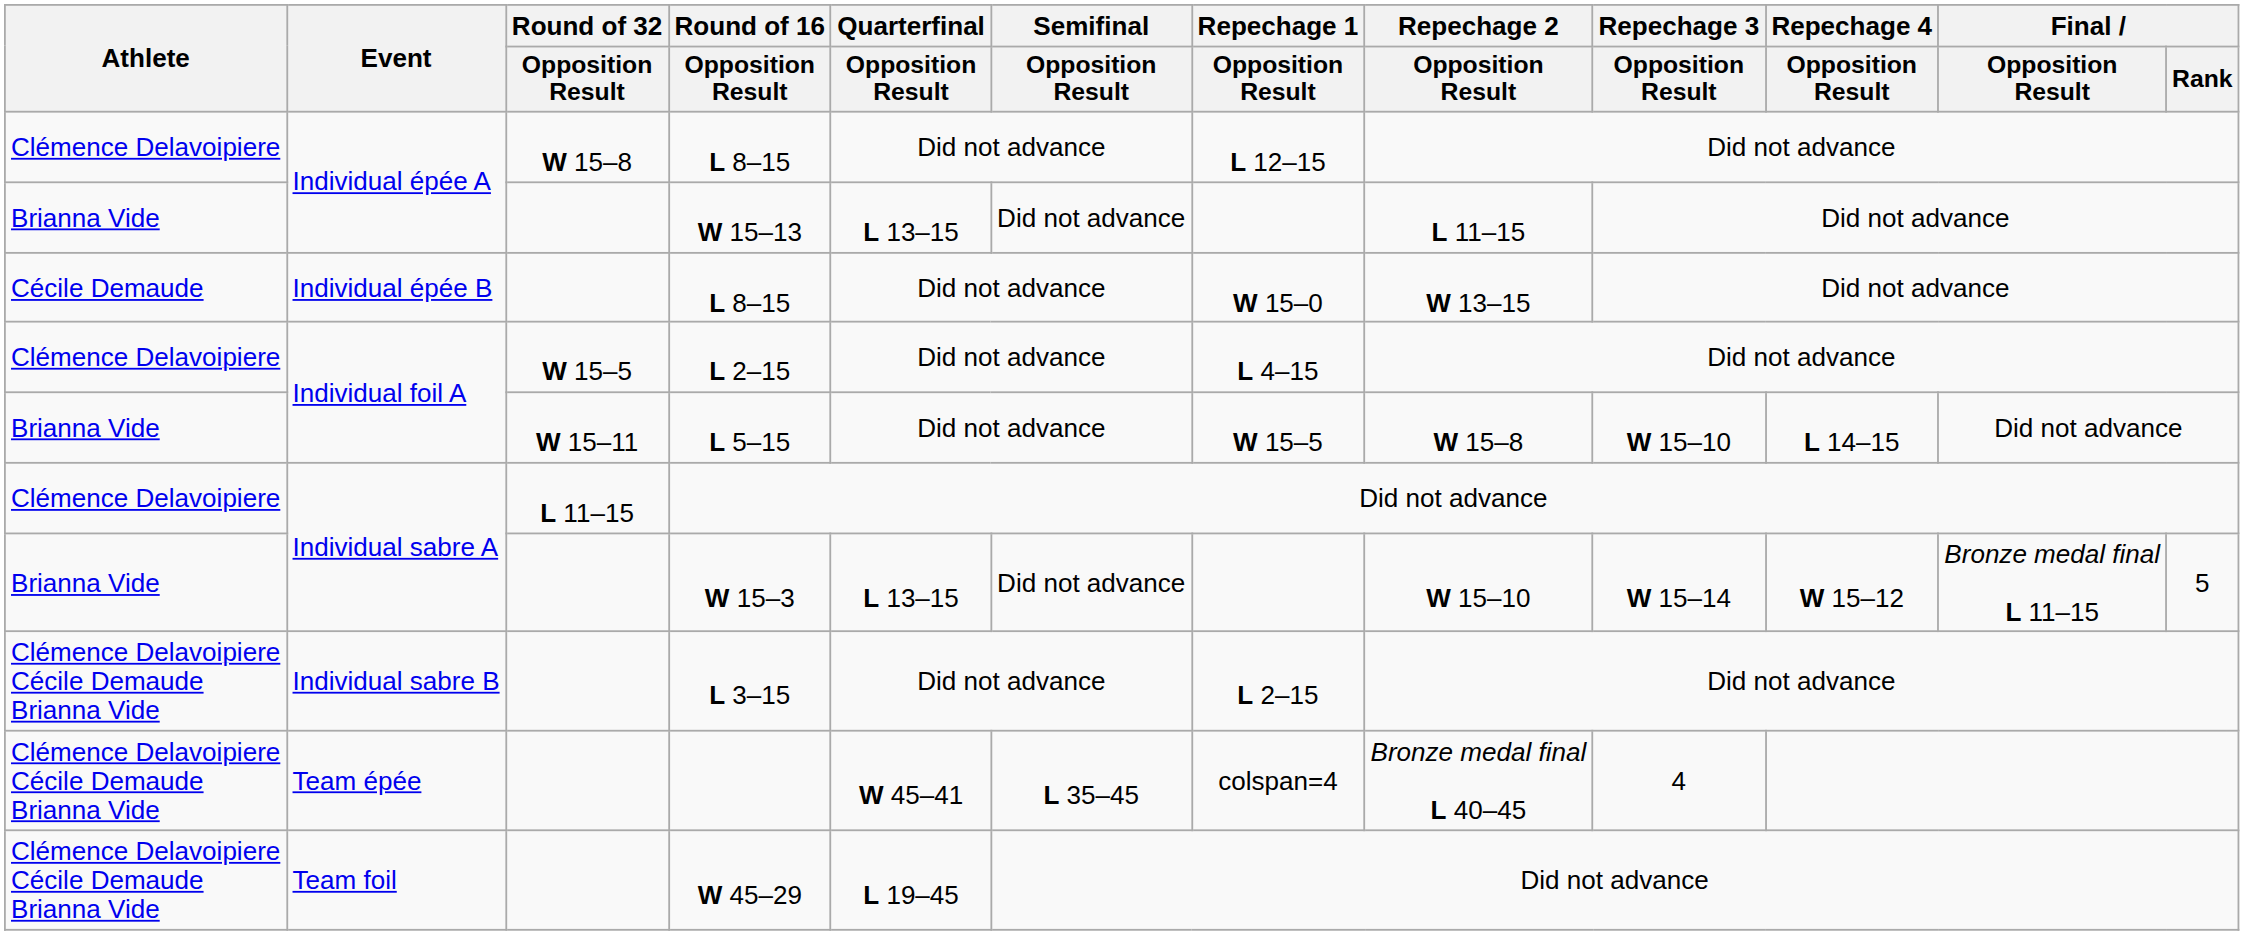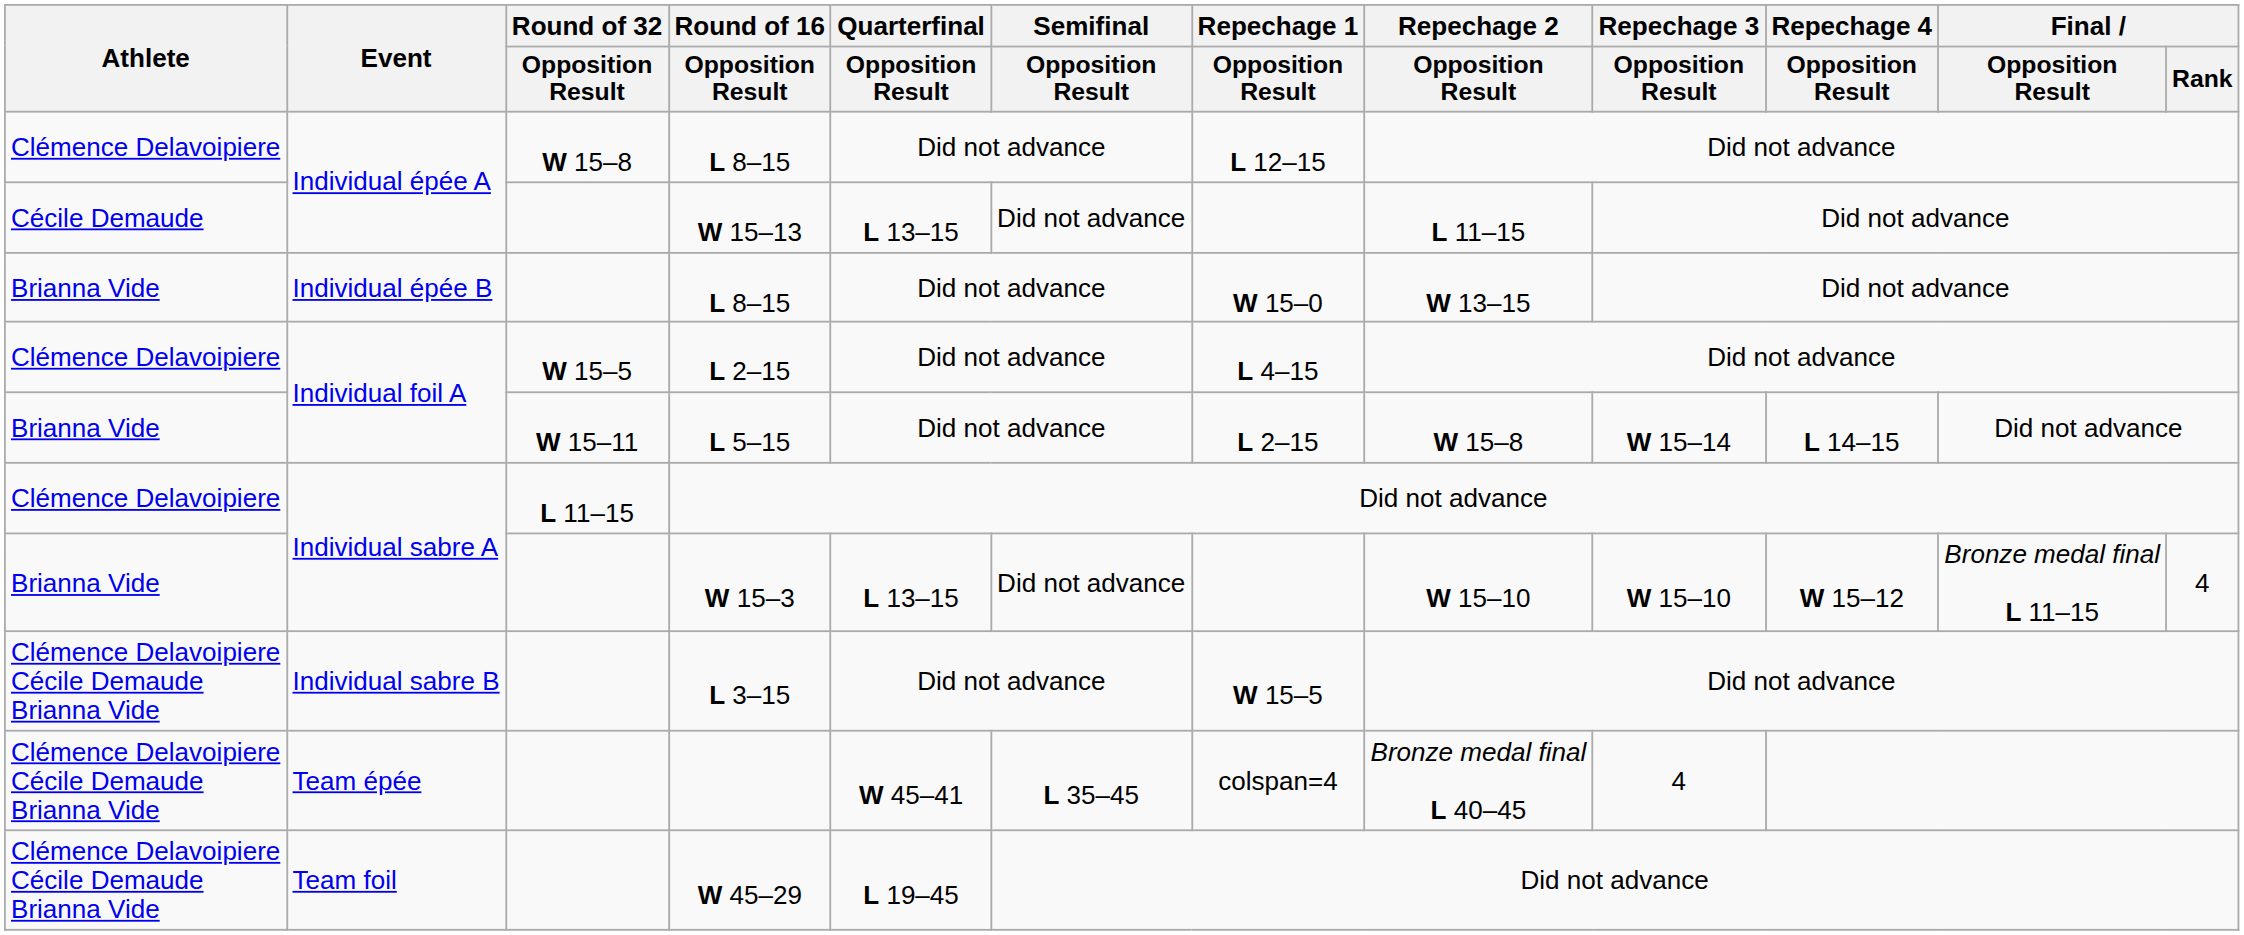 <table class=wikitable style=font-size:90%;text-align:center>
 <tr>
 <th rowspan=2>Athlete</th>
 <th rowspan=2>Event</th>
 <th>Round of 32</th>
 <th>Round of 16</th>
 <th>Quarterfinal</th>
 <th>Semifinal</th>
 <th>Repechage 1</th>
 <th>Repechage 2</th>
 <th>Repechage 3</th>
 <th>Repechage 4</th>
 <th colspan=2>Final / </th>
 </tr>
 <tr style=font-size:95%>
 <th>Opposition<br>Result</th>
 <th>Opposition<br>Result</th>
 <th>Opposition<br>Result</th>
 <th>Opposition<br>Result</th>
 <th>Opposition<br>Result</th>
 <th>Opposition<br>Result</th>
 <th>Opposition<br>Result</th>
 <th>Opposition<br>Result</th>
 <th>Opposition<br>Result</th>
 <th>Rank</th>
 </tr>
 <tr align=center>
 <td align=left><a href='#'>Clémence Delavoipiere</a></td>
 <td align=left rowspan=2><a href='#'>Individual épée A</a></td>
 <td><br><strong>W</strong> 15–8</td>
 <td><br><strong>L</strong> 8–15</td>
 <td colspan=2>Did not advance</td>
 <td><br><strong>L</strong> 12–15</td>
 <td colspan=5>Did not advance</td>
 </tr>
 <tr align=center>
-<td align=left><a href='#'>Brianna Vide</a></td>
+<td align=left><a href='#'>Cécile Demaude</a></td>
 <td></td>
 <td><br><strong>W</strong> 15–13</td>
 <td><br><strong>L</strong> 13–15</td>
 <td>Did not advance</td>
 <td></td>
 <td><br><strong>L</strong> 11–15</td>
 <td colspan=4>Did not advance</td>
 </tr>
 <tr align=center>
-<td align=left><a href='#'>Cécile Demaude</a></td>
+<td align=left><a href='#'>Brianna Vide</a></td>
 <td align=left><a href='#'>Individual épée B</a></td>
 <td></td>
 <td><br><strong>L</strong> 8–15</td>
 <td colspan=2>Did not advance</td>
 <td><br><strong>W</strong> 15–0</td>
 <td><br><strong>W</strong> 13–15</td>
 <td colspan=4>Did not advance</td>
 </tr>
 <tr align=center>
 <td align=left><a href='#'>Clémence Delavoipiere</a></td>
 <td align=left rowspan=2><a href='#'>Individual foil A</a></td>
 <td><br><strong>W</strong> 15–5</td>
 <td><br><strong>L</strong> 2–15</td>
 <td colspan=2>Did not advance</td>
 <td><br><strong>L</strong> 4–15</td>
 <td colspan=5>Did not advance</td>
 </tr>
 <tr align=center>
 <td align=left><a href='#'>Brianna Vide</a></td>
 <td><br><strong>W</strong> 15–11</td>
 <td><br><strong>L</strong> 5–15</td>
 <td colspan=2>Did not advance</td>
-<td><br><strong>W</strong> 15–5</td>
+<td><br><strong>L</strong> 2–15</td>
 <td><br><strong>W</strong> 15–8</td>
-<td><br><strong>W</strong> 15–10</td>
+<td><br><strong>W</strong> 15–14</td>
 <td><br><strong>L</strong> 14–15</td>
 <td colspan=2>Did not advance</td>
 </tr>
 <tr align=center>
 <td align=left><a href='#'>Clémence Delavoipiere</a></td>
 <td align=left rowspan=2><a href='#'>Individual sabre A</a></td>
 <td><br><strong>L</strong> 11–15</td>
 <td colspan=9>Did not advance</td>
 </tr>
 <tr align=center>
 <td align=left><a href='#'>Brianna Vide</a></td>
 <td></td>
 <td><br><strong>W</strong> 15–3</td>
 <td><br><strong>L</strong> 13–15</td>
 <td>Did not advance</td>
 <td></td>
 <td><br><strong>W</strong> 15–10</td>
-<td><br><strong>W</strong> 15–14</td>
+<td><br><strong>W</strong> 15–10</td>
 <td><br><strong>W</strong> 15–12</td>
 <td><em>Bronze medal final</em><br><br><strong>L</strong> 11–15</td>
-<td>5</td>
+<td>4</td>
 </tr>
 <tr align=center>
 <td align=left><a href='#'>Clémence Delavoipiere</a><br><a href='#'>Cécile Demaude</a><br><a href='#'>Brianna Vide</a></td>
 <td align=left><a href='#'>Individual sabre B</a></td>
 <td></td>
 <td><br><strong>L</strong> 3–15</td>
 <td colspan=2>Did not advance</td>
-<td><br><strong>L</strong> 2–15</td>
+<td><br><strong>W</strong> 15–5</td>
 <td colspan=5>Did not advance</td>
 </tr>
 <tr align=center>
 <td align=left><a href='#'>Clémence Delavoipiere</a><br><a href='#'>Cécile Demaude</a><br><a href='#'>Brianna Vide</a></td>
 <td align=left><a href='#'>Team épée</a></td>
 <td></td>
 <td></td>
 <td><br><strong>W</strong> 45–41</td>
 <td><br><strong>L</strong> 35–45</td>
 <td>colspan=4 </td>
 <td><em>Bronze medal final</em><br><br><strong>L</strong> 40–45</td>
 <td>4</td>
 </tr>
 <tr align=center>
 <td align=left><a href='#'>Clémence Delavoipiere</a><br><a href='#'>Cécile Demaude</a><br><a href='#'>Brianna Vide</a></td>
 <td align=left><a href='#'>Team foil</a></td>
 <td></td>
 <td><br><strong>W</strong> 45–29</td>
 <td><br><strong>L</strong> 19–45</td>
 <td colspan=7>Did not advance</td>
 </tr>
 </table>
